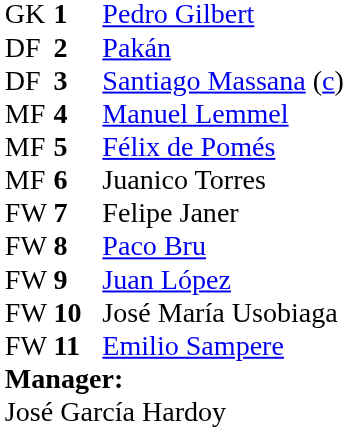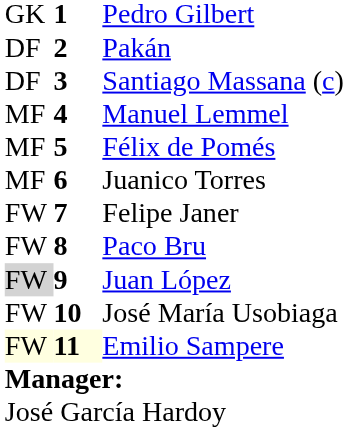 <table cellspacing="0" cellpadding="0" style="font-size:90%; margin:0.2em auto;">
 <tr>
 <th width="25"></th>
 <th width="25"></th>
 </tr>
 <tr>
 <td>GK</td>
 <td><strong>1</strong></td>
 <td> <a href='#'>Pedro Gilbert</a></td>
 </tr>
 <tr>
 <td>DF</td>
 <td><strong>2</strong></td>
 <td> <a href='#'>Pakán</a></td>
 </tr>
 <tr>
 <td>DF</td>
 <td><strong>3</strong></td>
 <td> <a href='#'>Santiago Massana</a> (<a href='#'>c</a>)</td>
 </tr>
 <tr>
 <td>MF</td>
 <td><strong>4</strong></td>
 <td> <a href='#'>Manuel Lemmel</a></td>
 </tr>
 <tr>
 <td>MF</td>
 <td><strong>5</strong></td>
 <td> <a href='#'>Félix de Pomés</a></td>
 </tr>
 <tr>
 <td>MF</td>
 <td><strong>6</strong></td>
 <td> Juanico Torres</td>
 </tr>
 <tr>
 <td>FW</td>
 <td><strong>7</strong></td>
 <td> Felipe Janer</td>
 </tr>
 <tr>
 <td>FW</td>
 <td><strong>8</strong></td>
 <td> <a href='#'>Paco Bru</a></td>
 </tr>
 <tr>
-<td>FW</td>
+<td style="background: lightgrey;">FW</td>
 <td><strong>9</strong></td>
 <td> <a href='#'>Juan López</a></td>
 </tr>
 <tr>
 <td>FW</td>
 <td><strong>10</strong></td>
 <td> José María Usobiaga</td>
 </tr>
 <tr>
-<td>FW</td>
-<td><strong>11</strong></td>
+<td style="background: lightyellow;">FW</td>
+<td style="background: lightyellow;"><strong>11</strong></td>
 <td> <a href='#'>Emilio Sampere</a></td>
 </tr>
 <tr>
 <td colspan=3><strong>Manager:</strong></td>
 </tr>
 <tr>
 <td colspan=4> José García Hardoy</td>
 </tr>
 </table>
